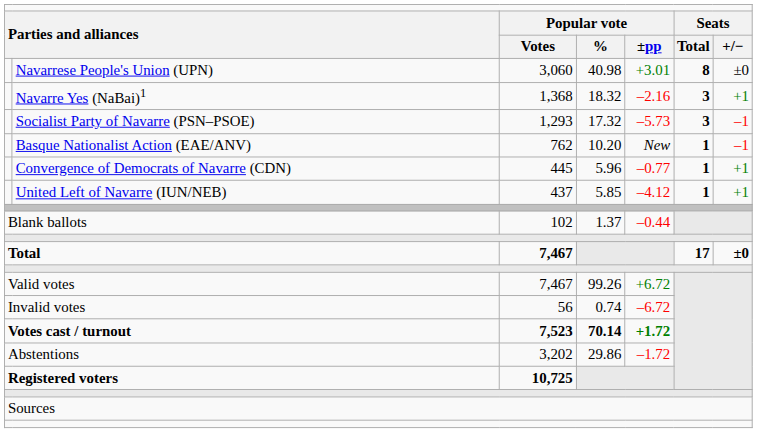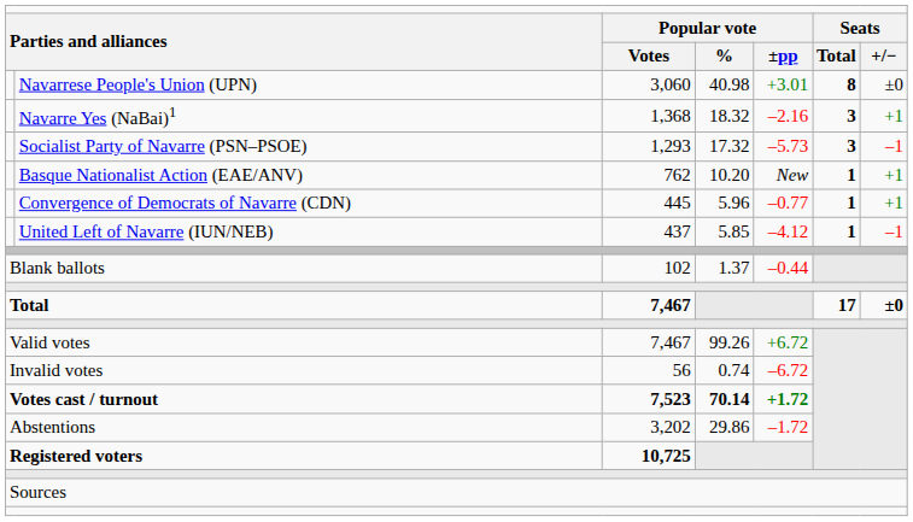 <table class="wikitable" style="text-align:right;">
 <tr>
 <td colspan="7"></td>
 </tr>
 <tr>
 <th style="text-align:left;" rowspan="2" colspan="2" width="525">Parties and alliances</th>
 <th colspan="3">Popular vote</th>
 <th colspan="2">Seats</th>
 </tr>
 <tr>
 <th width="75">Votes</th>
 <th width="45">%</th>
 <th width="45">±<a href='#'>pp</a></th>
 <th width="35">Total</th>
 <th width="35">+/−</th>
 </tr>
 <tr>
 <td width="1" style="color:inherit;background:"></td>
 <td align="left"><a href='#'>Navarrese People's Union</a> (UPN)</td>
 <td>3,060</td>
 <td>40.98</td>
 <td style="color:green;">+3.01</td>
 <td><strong>8</strong></td>
 <td>±0</td>
 </tr>
 <tr>
 <td style="color:inherit;background:"></td>
 <td align="left"><a href='#'>Navarre Yes</a> (NaBai)<sup>1</sup></td>
 <td>1,368</td>
 <td>18.32</td>
 <td style="color:red;">–2.16</td>
 <td><strong>3</strong></td>
 <td style="color:green;">+1</td>
 </tr>
 <tr>
 <td style="color:inherit;background:"></td>
 <td align="left"><a href='#'>Socialist Party of Navarre</a> (PSN–PSOE)</td>
 <td>1,293</td>
 <td>17.32</td>
 <td style="color:red;">–5.73</td>
 <td><strong>3</strong></td>
 <td style="color:red;">–1</td>
 </tr>
 <tr>
 <td style="color:inherit;background:"></td>
 <td align="left"><a href='#'>Basque Nationalist Action</a> (EAE/ANV)</td>
 <td>762</td>
 <td>10.20</td>
 <td><em>New</em></td>
 <td><strong>1</strong></td>
-<td style="color:red;">–1</td>
+<td style="color:green;">+1</td>
 </tr>
 <tr>
 <td style="color:inherit;background:"></td>
 <td align="left"><a href='#'>Convergence of Democrats of Navarre</a> (CDN)</td>
 <td>445</td>
 <td>5.96</td>
 <td style="color:red;">–0.77</td>
 <td><strong>1</strong></td>
 <td style="color:green;">+1</td>
 </tr>
 <tr>
 <td style="color:inherit;background:"></td>
 <td align="left"><a href='#'>United Left of Navarre</a> (IUN/NEB)</td>
 <td>437</td>
 <td>5.85</td>
 <td style="color:red;">–4.12</td>
 <td><strong>1</strong></td>
-<td style="color:green;">+1</td>
+<td style="color:red;">–1</td>
 </tr>
 <tr>
 <td colspan="7" bgcolor="#C0C0C0"></td>
 </tr>
 <tr>
 <td align="left" colspan="2">Blank ballots</td>
 <td>102</td>
 <td>1.37</td>
 <td style="color:red;">–0.44</td>
 <td bgcolor="#E9E9E9" colspan="2"></td>
 </tr>
 <tr>
 <td colspan="7" bgcolor="#E9E9E9"></td>
 </tr>
 <tr style="font-weight:bold;">
 <td align="left" colspan="2">Total</td>
 <td>7,467</td>
 <td bgcolor="#E9E9E9" colspan="2"></td>
 <td>17</td>
 <td>±0</td>
 </tr>
 <tr>
 <td colspan="7" bgcolor="#E9E9E9"></td>
 </tr>
 <tr>
 <td align="left" colspan="2">Valid votes</td>
 <td>7,467</td>
 <td>99.26</td>
 <td style="color:green;">+6.72</td>
 <td bgcolor="#E9E9E9" colspan="2" rowspan="5"></td>
 </tr>
 <tr>
 <td align="left" colspan="2">Invalid votes</td>
 <td>56</td>
 <td>0.74</td>
 <td style="color:red;">–6.72</td>
 </tr>
 <tr style="font-weight:bold;">
 <td align="left" colspan="2">Votes cast / turnout</td>
 <td>7,523</td>
 <td>70.14</td>
 <td style="color:green;">+1.72</td>
 </tr>
 <tr>
 <td align="left" colspan="2">Abstentions</td>
 <td>3,202</td>
 <td>29.86</td>
 <td style="color:red;">–1.72</td>
 </tr>
 <tr style="font-weight:bold;">
 <td align="left" colspan="2">Registered voters</td>
 <td>10,725</td>
 <td bgcolor="#E9E9E9" colspan="2"></td>
 </tr>
 <tr>
 <td colspan="7" bgcolor="#E9E9E9"></td>
 </tr>
 <tr>
 <td align="left" colspan="7">Sources</td>
 </tr>
 <tr>
 <td colspan="7" style="text-align:left; max-width:790px;"></td>
 </tr>
 </table>
